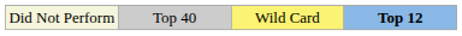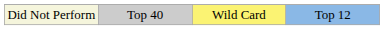 <table class="wikitable" style="margin:1em auto; text-align:center;">
 <tr>
 </tr>
 <tr>
 <td style="background:#F5F5DC;" width="25%">Did Not Perform</td>
 <td style="background:#CCCCCC;" width="25%">Top 40</td>
 <td style="background:#FBF373;" width="25%">Wild Card</td>
-<td style="background:#8ab8e6;" width="25%"><strong>Top 12</strong></td>
+<td style="background:#8ab8e6;" width="25%">Top 12</td>
 </tr>
 </table>
